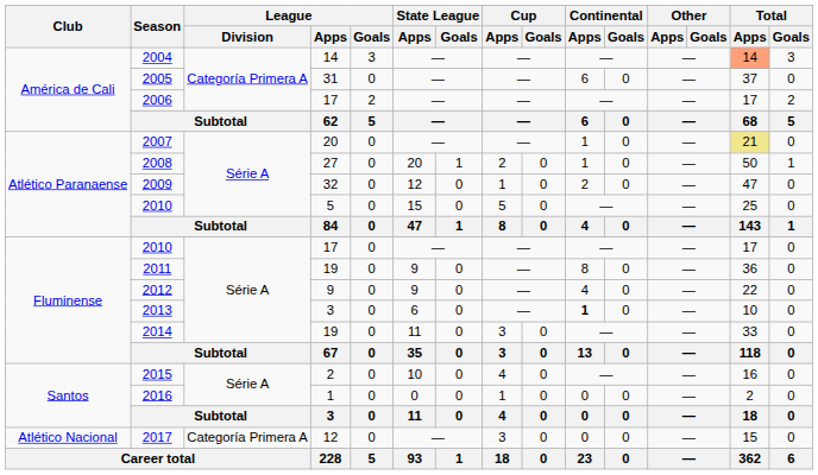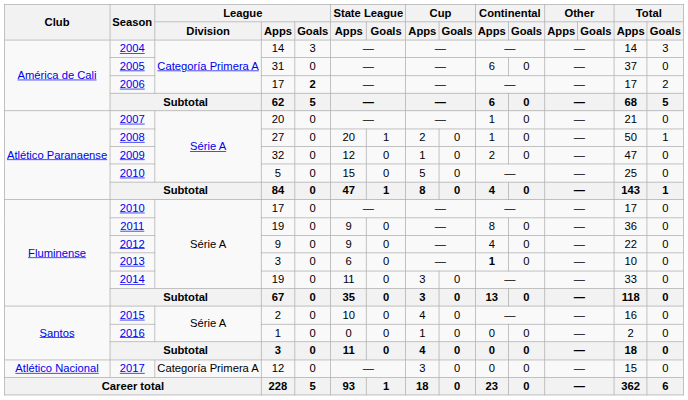 <table class="wikitable" style="text-align: center;">
 <tr>
 <th rowspan="2">Club</th>
 <th rowspan="2">Season</th>
 <th colspan="3">League</th>
 <th colspan="2">State League</th>
 <th colspan="2">Cup</th>
 <th colspan="2">Continental</th>
 <th colspan="2">Other</th>
 <th colspan="2">Total</th>
 </tr>
 <tr>
 <th>Division</th>
 <th>Apps</th>
 <th>Goals</th>
 <th>Apps</th>
 <th>Goals</th>
 <th>Apps</th>
 <th>Goals</th>
 <th>Apps</th>
 <th>Goals</th>
 <th>Apps</th>
 <th>Goals</th>
 <th>Apps</th>
 <th>Goals</th>
 </tr>
 <tr>
 <td rowspan="4" valign="center"><a href='#'>América de Cali</a></td>
 <td><a href='#'>2004</a></td>
 <td rowspan="3"><a href='#'>Categoría Primera A</a></td>
 <td>14</td>
 <td>3</td>
 <td colspan="2">—</td>
 <td colspan="2">—</td>
 <td colspan="2">—</td>
 <td colspan="2">—</td>
-<td style="background: lightsalmon;">14</td>
+<td>14</td>
 <td>3</td>
 </tr>
 <tr>
 <td><a href='#'>2005</a></td>
 <td>31</td>
 <td>0</td>
 <td colspan="2">—</td>
 <td colspan="2">—</td>
 <td>6</td>
 <td>0</td>
 <td colspan="2">—</td>
 <td>37</td>
 <td>0</td>
 </tr>
 <tr>
 <td><a href='#'>2006</a></td>
 <td>17</td>
-<td>2</td>
+<td><strong>2</strong></td>
 <td colspan="2">—</td>
 <td colspan="2">—</td>
 <td colspan="2">—</td>
 <td colspan="2">—</td>
 <td>17</td>
 <td>2</td>
 </tr>
 <tr>
 <th colspan="2">Subtotal</th>
 <th>62</th>
 <th>5</th>
 <th colspan="2">—</th>
 <th colspan="2">—</th>
 <th>6</th>
 <th>0</th>
 <th colspan="2">—</th>
 <th>68</th>
 <th>5</th>
 </tr>
 <tr>
 <td rowspan="5" valign="center"><a href='#'>Atlético Paranaense</a></td>
 <td><a href='#'>2007</a></td>
 <td rowspan="4"><a href='#'>Série A</a></td>
 <td>20</td>
 <td>0</td>
 <td colspan="2">—</td>
 <td colspan="2">—</td>
 <td>1</td>
 <td>0</td>
 <td colspan="2">—</td>
-<td style="background: khaki;">21</td>
+<td>21</td>
 <td>0</td>
 </tr>
 <tr>
 <td><a href='#'>2008</a></td>
 <td>27</td>
 <td>0</td>
 <td>20</td>
 <td>1</td>
 <td>2</td>
 <td>0</td>
 <td>1</td>
 <td>0</td>
 <td colspan="2">—</td>
 <td>50</td>
 <td>1</td>
 </tr>
 <tr>
 <td><a href='#'>2009</a></td>
 <td>32</td>
 <td>0</td>
 <td>12</td>
 <td>0</td>
 <td>1</td>
 <td>0</td>
 <td>2</td>
 <td>0</td>
 <td colspan="2">—</td>
 <td>47</td>
 <td>0</td>
 </tr>
 <tr>
 <td><a href='#'>2010</a></td>
 <td>5</td>
 <td>0</td>
 <td>15</td>
 <td>0</td>
 <td>5</td>
 <td>0</td>
 <td colspan="2">—</td>
 <td colspan="2">—</td>
 <td>25</td>
 <td>0</td>
 </tr>
 <tr>
 <th colspan="2">Subtotal</th>
 <th>84</th>
 <th>0</th>
 <th>47</th>
 <th>1</th>
 <th>8</th>
 <th>0</th>
 <th>4</th>
 <th>0</th>
 <th colspan="2">—</th>
 <th>143</th>
 <th>1</th>
 </tr>
 <tr>
 <td rowspan="6" valign="center"><a href='#'>Fluminense</a></td>
 <td><a href='#'>2010</a></td>
 <td rowspan="5">Série A</td>
 <td>17</td>
 <td>0</td>
 <td colspan="2">—</td>
 <td colspan="2">—</td>
 <td colspan="2">—</td>
 <td colspan="2">—</td>
 <td>17</td>
 <td>0</td>
 </tr>
 <tr>
 <td><a href='#'>2011</a></td>
 <td>19</td>
 <td>0</td>
 <td>9</td>
 <td>0</td>
 <td colspan="2">—</td>
 <td>8</td>
 <td>0</td>
 <td colspan="2">—</td>
 <td>36</td>
 <td>0</td>
 </tr>
 <tr>
 <td><a href='#'>2012</a></td>
 <td>9</td>
 <td>0</td>
 <td>9</td>
 <td>0</td>
 <td colspan="2">—</td>
 <td>4</td>
 <td>0</td>
 <td colspan="2">—</td>
 <td>22</td>
 <td>0</td>
 </tr>
 <tr>
 <td><a href='#'>2013</a></td>
 <td>3</td>
 <td>0</td>
 <td>6</td>
 <td>0</td>
 <td colspan="2">—</td>
 <td><strong>1</strong></td>
 <td>0</td>
 <td colspan="2">—</td>
 <td>10</td>
 <td>0</td>
 </tr>
 <tr>
 <td><a href='#'>2014</a></td>
 <td>19</td>
 <td>0</td>
 <td>11</td>
 <td>0</td>
 <td>3</td>
 <td>0</td>
 <td colspan="2">—</td>
 <td colspan="2">—</td>
 <td>33</td>
 <td>0</td>
 </tr>
 <tr>
 <th colspan="2">Subtotal</th>
 <th>67</th>
 <th>0</th>
 <th>35</th>
 <th>0</th>
 <th>3</th>
 <th>0</th>
 <th>13</th>
 <th>0</th>
 <th colspan="2">—</th>
 <th>118</th>
 <th>0</th>
 </tr>
 <tr>
 <td rowspan="3" valign="center"><a href='#'>Santos</a></td>
 <td><a href='#'>2015</a></td>
 <td rowspan="2">Série A</td>
 <td>2</td>
 <td>0</td>
 <td>10</td>
 <td>0</td>
 <td>4</td>
 <td>0</td>
 <td colspan="2">—</td>
 <td colspan="2">—</td>
 <td>16</td>
 <td>0</td>
 </tr>
 <tr>
 <td><a href='#'>2016</a></td>
 <td>1</td>
 <td>0</td>
 <td>0</td>
 <td>0</td>
 <td>1</td>
 <td>0</td>
 <td>0</td>
 <td>0</td>
 <td colspan="2">—</td>
 <td>2</td>
 <td>0</td>
 </tr>
 <tr>
 <th colspan="2">Subtotal</th>
 <th>3</th>
 <th>0</th>
 <th>11</th>
 <th>0</th>
 <th>4</th>
 <th>0</th>
 <th>0</th>
 <th>0</th>
 <th colspan="2">—</th>
 <th>18</th>
 <th>0</th>
 </tr>
 <tr>
 <td valign="center"><a href='#'>Atlético Nacional</a></td>
 <td><a href='#'>2017</a></td>
 <td>Categoría Primera A</td>
 <td>12</td>
 <td>0</td>
 <td colspan="2">—</td>
 <td>3</td>
 <td>0</td>
 <td>0</td>
 <td>0</td>
 <td colspan="2">—</td>
 <td>15</td>
 <td>0</td>
 </tr>
 <tr>
 <th colspan="3"><strong>Career total</strong></th>
 <th>228</th>
 <th>5</th>
 <th>93</th>
 <th>1</th>
 <th>18</th>
 <th>0</th>
 <th>23</th>
 <th>0</th>
 <th colspan="2">—</th>
 <th>362</th>
 <th>6</th>
 </tr>
 </table>
